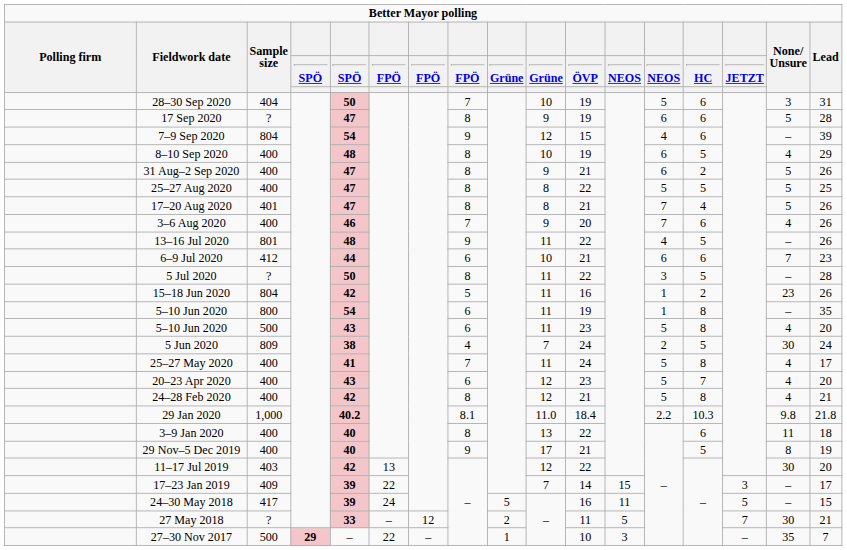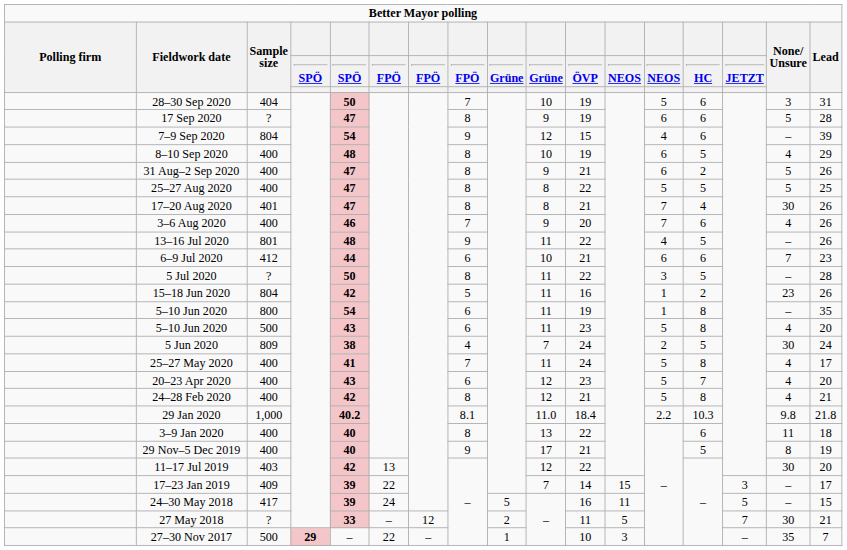 <table class="wikitable sortable mw-collapsible mw-collapsed" style="text-align:center;font-size:90%;line-height:14px;">
 <tr>
 <td colspan=17><strong>Better Mayor polling</strong></td>
 </tr>
 <tr style="height:40px;">
 <th style="width:150px;" rowspan="3">Polling firm</th>
 <th style="width:125px;" rowspan="3">Fieldwork date</th>
 <th style="width:35px;" rowspan="3">Sample<br>size</th>
 <th class="unsortable" style="width:40px;"></th>
 <th class="unsortable" style="width:40px;"></th>
 <th class="unsortable" style="width:40px;"></th>
 <th class="unsortable" style="width:40px;"></th>
 <th class="unsortable" style="width:40px;"></th>
 <th class="unsortable" style="width:40px;"></th>
 <th class="unsortable" style="width:40px;"></th>
 <th class="unsortable" style="width:40px;"></th>
 <th class="unsortable" style="width:40px;"></th>
 <th class="unsortable" style="width:40px;"></th>
 <th class="unsortable" style="width:40px;"></th>
 <th class="unsortable" style="width:40px;"></th>
 <th class="unsortable" style="width:40px;" rowspan="3">None/<br>Unsure</th>
 <th style="width:30px;" rowspan="3">Lead</th>
 </tr>
 <tr>
 <th class="unsortable" style="width:40px;"><hr><a href='#'>SPÖ</a></th>
 <th class="unsortable" style="width:40px;"><hr><a href='#'>SPÖ</a></th>
 <th class="unsortable" style="width:40px;"><hr><a href='#'>FPÖ</a></th>
 <th class="unsortable" style="width:40px;"><hr><a href='#'>FPÖ</a></th>
 <th class="unsortable" style="width:40px;"><hr><a href='#'>FPÖ</a></th>
 <th class="unsortable" style="width:40px;"><hr><a href='#'>Grüne</a></th>
 <th class="unsortable" style="width:40px;"><hr><a href='#'>Grüne</a></th>
 <th class="unsortable" style="width:40px;"><hr><a href='#'>ÖVP</a></th>
 <th class="unsortable" style="width:40px;"><hr><a href='#'>NEOS</a></th>
 <th class="unsortable" style="width:40px;"><hr><a href='#'>NEOS</a></th>
 <th class="unsortable" style="width:40px;"><hr><a href='#'>HC</a></th>
 <th class="unsortable" style="width:40px;"><hr><a href='#'>JETZT</a></th>
 </tr>
 <tr>
 <th style="background:"></th>
 <th style="background:"></th>
 <th style="background:"></th>
 <th style="background:"></th>
 <th style="background:"></th>
 <th style="background:"></th>
 <th style="background:"></th>
 <th style="background:"></th>
 <th style="background:"></th>
 <th style="background:"></th>
 <th style="background:"></th>
 <th style="background:"></th>
 </tr>
 <tr>
 <td></td>
 <td data-sort-value="2020-10-01">28–30 Sep 2020</td>
 <td>404</td>
 <td rowspan=25></td>
 <td style="background:#F4C6C9;"><strong>50</strong></td>
 <td rowspan=21></td>
 <td rowspan=24></td>
 <td>7</td>
 <td rowspan=23></td>
 <td>10</td>
 <td>19</td>
 <td rowspan=22></td>
 <td>5</td>
 <td>6</td>
 <td rowspan=22></td>
 <td>3</td>
 <td style="background:">31</td>
 </tr>
 <tr>
 <td></td>
 <td data-sort-value="2020-09-17">17 Sep 2020</td>
 <td>?</td>
 <td style="background:#F4C6C9;"><strong>47</strong></td>
 <td>8</td>
 <td>9</td>
 <td>19</td>
 <td>6</td>
 <td>6</td>
 <td>5</td>
 <td style="background:">28</td>
 </tr>
 <tr>
 <td></td>
 <td data-sort-value="2020-09-12">7–9 Sep 2020</td>
 <td>804</td>
 <td style="background:#F4C6C9;"><strong>54</strong></td>
 <td>9</td>
 <td>12</td>
 <td>15</td>
 <td>4</td>
 <td>6</td>
 <td>–</td>
 <td style="background:">39</td>
 </tr>
 <tr>
 <td></td>
 <td data-sort-value="2020-09-10">8–10 Sep 2020</td>
 <td>400</td>
 <td style="background:#F4C6C9;"><strong>48</strong></td>
 <td>8</td>
 <td>10</td>
 <td>19</td>
 <td>6</td>
 <td>5</td>
 <td>4</td>
 <td style="background:">29</td>
 </tr>
 <tr>
 <td></td>
 <td data-sort-value="2020-09-03">31 Aug–2 Sep 2020</td>
 <td>400</td>
 <td style="background:#F4C6C9;"><strong>47</strong></td>
 <td>8</td>
 <td>9</td>
 <td>21</td>
 <td>6</td>
 <td>2</td>
 <td>5</td>
 <td style="background:">26</td>
 </tr>
 <tr>
 <td></td>
 <td data-sort-value="2020-08-27">25–27 Aug 2020</td>
 <td>400</td>
 <td style="background:#F4C6C9;"><strong>47</strong></td>
 <td>8</td>
 <td>8</td>
 <td>22</td>
 <td>5</td>
 <td>5</td>
 <td>5</td>
 <td style="background:">25</td>
 </tr>
 <tr>
 <td></td>
 <td data-sort-value="2020-08-20">17–20 Aug 2020</td>
 <td>401</td>
 <td style="background:#F4C6C9;"><strong>47</strong></td>
 <td>8</td>
 <td>8</td>
 <td>21</td>
 <td>7</td>
 <td>4</td>
-<td>5</td>
+<td>30</td>
 <td style="background:">26</td>
 </tr>
 <tr>
 <td></td>
 <td data-sort-value="2020-08-06">3–6 Aug 2020</td>
 <td>400</td>
 <td style="background:#F4C6C9;"><strong>46</strong></td>
 <td>7</td>
 <td>9</td>
 <td>20</td>
 <td>7</td>
 <td>6</td>
 <td>4</td>
 <td style="background:">26</td>
 </tr>
 <tr>
 <td></td>
 <td data-sort-value="2020-07-19">13–16 Jul 2020</td>
 <td>801</td>
 <td style="background:#F4C6C9;"><strong>48</strong></td>
 <td>9</td>
 <td>11</td>
 <td>22</td>
 <td>4</td>
 <td>5</td>
 <td>–</td>
 <td style="background:">26</td>
 </tr>
 <tr>
 <td></td>
 <td data-sort-value="2020-07-09">6–9 Jul 2020</td>
 <td>412</td>
 <td style="background:#F4C6C9;"><strong>44</strong></td>
 <td>6</td>
 <td>10</td>
 <td>21</td>
 <td>6</td>
 <td>6</td>
 <td>7</td>
 <td style="background:">23</td>
 </tr>
 <tr>
 <td></td>
 <td data-sort-value="2020-07-05">5 Jul 2020</td>
 <td>?</td>
 <td style="background:#F4C6C9;"><strong>50</strong></td>
 <td>8</td>
 <td>11</td>
 <td>22</td>
 <td>3</td>
 <td>5</td>
 <td>–</td>
 <td style="background:">28</td>
 </tr>
 <tr>
 <td></td>
 <td data-sort-value="2020-06-20">15–18 Jun 2020</td>
 <td>804</td>
 <td style="background:#F4C6C9;"><strong>42</strong></td>
 <td>5</td>
 <td>11</td>
 <td>16</td>
 <td>1</td>
 <td>2</td>
 <td>23</td>
 <td style="background:">26</td>
 </tr>
 <tr>
 <td></td>
 <td data-sort-value="2020-06-12">5–10 Jun 2020</td>
 <td>800</td>
 <td style="background:#F4C6C9;"><strong>54</strong></td>
 <td>6</td>
 <td>11</td>
 <td>19</td>
 <td>1</td>
 <td>8</td>
 <td>–</td>
 <td style="background:">35</td>
 </tr>
 <tr>
 <td></td>
 <td data-sort-value="2020-06-11">5–10 Jun 2020</td>
 <td>500</td>
 <td style="background:#F4C6C9;"><strong>43</strong></td>
 <td>6</td>
 <td>11</td>
 <td>23</td>
 <td>5</td>
 <td>8</td>
 <td>4</td>
 <td style="background:">20</td>
 </tr>
 <tr>
 <td></td>
 <td data-sort-value="2020-06-05">5 Jun 2020</td>
 <td>809</td>
 <td style="background:#F4C6C9;"><strong>38</strong></td>
 <td>4</td>
 <td>7</td>
 <td>24</td>
 <td>2</td>
 <td>5</td>
 <td>30</td>
 <td style="background:">24</td>
 </tr>
 <tr>
 <td></td>
 <td data-sort-value="2020-05-28">25–27 May 2020</td>
 <td>400</td>
 <td style="background:#F4C6C9;"><strong>41</strong></td>
 <td>7</td>
 <td>11</td>
 <td>24</td>
 <td>5</td>
 <td>8</td>
 <td>4</td>
 <td style="background:">17</td>
 </tr>
 <tr>
 <td></td>
 <td data-sort-value="2020-04-23">20–23 Apr 2020</td>
 <td>400</td>
 <td style="background:#F4C6C9;"><strong>43</strong></td>
 <td>6</td>
 <td>12</td>
 <td>23</td>
 <td>5</td>
 <td>7</td>
 <td>4</td>
 <td style="background:">20</td>
 </tr>
 <tr>
 <td></td>
 <td data-sort-value="2020-03-01">24–28 Feb 2020</td>
 <td>400</td>
 <td style="background:#F4C6C9;"><strong>42</strong></td>
 <td>8</td>
 <td>12</td>
 <td>21</td>
 <td>5</td>
 <td>8</td>
 <td>4</td>
 <td style="background:">21</td>
 </tr>
 <tr>
 <td></td>
 <td data-sort-value="2020-01-29">29 Jan 2020</td>
 <td>1,000</td>
 <td style="background:#F4C6C9;"><strong>40.2</strong></td>
 <td>8.1</td>
 <td>11.0</td>
 <td>18.4</td>
 <td>2.2</td>
 <td>10.3</td>
 <td>9.8</td>
 <td style="background:">21.8</td>
 </tr>
 <tr>
 <td></td>
 <td data-sort-value="2020-01-09">3–9 Jan 2020</td>
 <td>400</td>
 <td style="background:#F4C6C9;"><strong>40</strong></td>
 <td>8</td>
 <td>13</td>
 <td>22</td>
 <td rowspan=7>–</td>
 <td>6</td>
 <td>11</td>
 <td style="background:">18</td>
 </tr>
 <tr>
 <td></td>
 <td data-sort-value="2019-12-05">29 Nov–5 Dec 2019</td>
 <td>400</td>
 <td style="background:#F4C6C9;"><strong>40</strong></td>
 <td>9</td>
 <td>17</td>
 <td>21</td>
 <td>5</td>
 <td>8</td>
 <td style="background:">19</td>
 </tr>
 <tr>
 <td></td>
 <td data-sort-value="2019-07-19">11–17 Jul 2019</td>
 <td>403</td>
 <td style="background:#F4C6C9;"><strong>42</strong></td>
 <td>13</td>
 <td rowspan=5>–</td>
 <td>12</td>
 <td>22</td>
 <td rowspan=5>–</td>
 <td>30</td>
 <td style="background:">20</td>
 </tr>
 <tr>
 <td></td>
 <td data-sort-value="2019-01-23">17–23 Jan 2019</td>
 <td>409</td>
 <td style="background:#F4C6C9;"><strong>39</strong></td>
 <td>22</td>
 <td>7</td>
 <td>14</td>
 <td>15</td>
 <td>3</td>
 <td>–</td>
 <td style="background:">17</td>
 </tr>
 <tr>
 <td></td>
 <td data-sort-value="2018-05-30">24–30 May 2018</td>
 <td>417</td>
 <td style="background:#F4C6C9;"><strong>39</strong></td>
 <td>24</td>
 <td>5</td>
 <td rowspan=3>–</td>
 <td>16</td>
 <td>11</td>
 <td>5</td>
 <td>–</td>
 <td style="background:">15</td>
 </tr>
 <tr>
 <td></td>
 <td data-sort-value="2018-05-27">27 May 2018</td>
 <td>?</td>
 <td style="background:#F4C6C9;"><strong>33</strong></td>
 <td>–</td>
 <td>12</td>
 <td>2</td>
 <td>11</td>
 <td>5</td>
 <td>7</td>
 <td>30</td>
 <td style="background:">21</td>
 </tr>
 <tr>
 <td></td>
 <td data-sort-value="2017-11-30">27–30 Nov 2017</td>
 <td>500</td>
 <td style="background:#F4C6C9;"><strong>29</strong></td>
 <td>–</td>
 <td>22</td>
 <td>–</td>
 <td>1</td>
 <td>10</td>
 <td>3</td>
 <td>–</td>
 <td>35</td>
 <td style="background:">7</td>
 </tr>
 </table>
